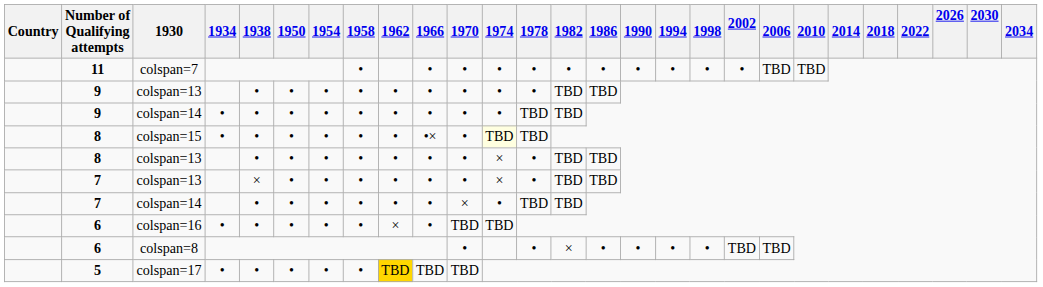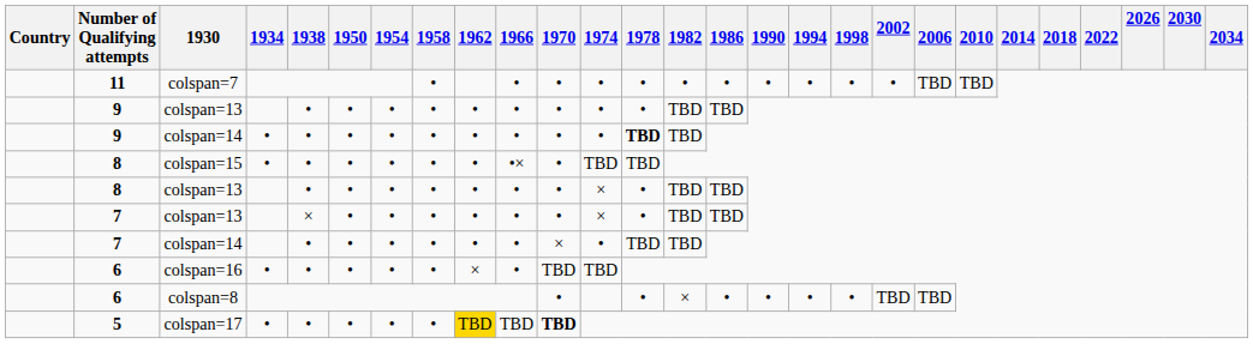 <table class="wikitable" style="text-align: center">
 <tr>
 <th>Country</th>
 <th>Number of <br> Qualifying<br>attempts</th>
 <th>1930<br> </th>
 <th><a href='#'>1934</a><br> </th>
 <th><a href='#'>1938</a><br> </th>
 <th><a href='#'>1950</a><br> </th>
 <th><a href='#'>1954</a><br> </th>
 <th><a href='#'>1958</a><br> </th>
 <th><a href='#'>1962</a><br> </th>
 <th><a href='#'>1966</a><br> </th>
 <th><a href='#'>1970</a><br> </th>
 <th><a href='#'>1974</a><br> </th>
 <th><a href='#'>1978</a><br> </th>
 <th><a href='#'>1982</a><br> </th>
 <th><a href='#'>1986</a><br> </th>
 <th><a href='#'>1990</a><br> </th>
 <th><a href='#'>1994</a><br> </th>
 <th><a href='#'>1998</a><br> </th>
 <th><a href='#'>2002</a><br> <br> </th>
 <th><a href='#'>2006</a><br> </th>
 <th><a href='#'>2010</a><br> </th>
 <th><a href='#'>2014</a><br> </th>
 <th><a href='#'>2018</a><br> </th>
 <th><a href='#'>2022</a><br> </th>
 <th><a href='#'>2026</a><br> <br> <br> </th>
 <th><a href='#'>2030</a><br><br><br></th>
 <th><a href='#'>2034</a><br></th>
 </tr>
 <tr>
 <td style="text-align: left;"></td>
 <td><strong>11</strong></td>
 <td>colspan=7 </td>
 <td colspan=4></td>
 <td>•</td>
 <td></td>
 <td>•</td>
 <td>•</td>
 <td>•</td>
 <td>•</td>
 <td>•</td>
 <td>•</td>
 <td>•</td>
 <td>•</td>
 <td>•</td>
 <td>•</td>
 <td>TBD</td>
 <td>TBD</td>
 </tr>
 <tr>
 <td style="text-align: left;"></td>
 <td><strong>9</strong></td>
 <td>colspan=13 </td>
 <td></td>
 <td>•</td>
 <td>•</td>
 <td>•</td>
 <td>•</td>
 <td>•</td>
 <td>•</td>
 <td>•</td>
 <td>•</td>
 <td>•</td>
 <td>TBD</td>
 <td>TBD</td>
 </tr>
 <tr>
 <td style="text-align: left;"></td>
 <td><strong>9</strong></td>
 <td>colspan=14 </td>
 <td>•</td>
 <td>•</td>
 <td>•</td>
 <td>•</td>
 <td>•</td>
 <td>•</td>
 <td>•</td>
 <td>•</td>
 <td>•</td>
-<td>TBD</td>
+<td><strong>TBD</strong></td>
 <td>TBD</td>
 </tr>
 <tr>
 <td style="text-align: left;"></td>
 <td><strong>8</strong></td>
 <td>colspan=15 </td>
 <td>•</td>
 <td>•</td>
 <td>•</td>
 <td>•</td>
 <td>•</td>
 <td>•</td>
 <td>•×</td>
 <td>•</td>
-<td style="background: lightyellow;">TBD</td>
+<td>TBD</td>
 <td>TBD</td>
 </tr>
 <tr>
 <td style="text-align: left;"></td>
 <td><strong>8</strong></td>
 <td>colspan=13 </td>
 <td></td>
 <td>•</td>
 <td>•</td>
 <td>•</td>
 <td>•</td>
 <td>•</td>
 <td>•</td>
 <td>•</td>
 <td>×</td>
 <td>•</td>
 <td>TBD</td>
 <td>TBD</td>
 </tr>
 <tr>
 <td style="text-align: left;"></td>
 <td><strong>7</strong></td>
 <td>colspan=13 </td>
 <td></td>
 <td>×</td>
 <td>•</td>
 <td>•</td>
 <td>•</td>
 <td>•</td>
 <td>•</td>
 <td>•</td>
 <td>×</td>
 <td>•</td>
 <td>TBD</td>
 <td>TBD</td>
 </tr>
 <tr>
 <td style="text-align: left;"></td>
 <td><strong>7</strong></td>
 <td>colspan=14 </td>
 <td></td>
 <td>•</td>
 <td>•</td>
 <td>•</td>
 <td>•</td>
 <td>•</td>
 <td>•</td>
 <td>×</td>
 <td>•</td>
 <td>TBD</td>
 <td>TBD</td>
 </tr>
 <tr>
 <td style="text-align: left;"></td>
 <td><strong>6</strong></td>
 <td>colspan=16 </td>
 <td>•</td>
 <td>•</td>
 <td>•</td>
 <td>•</td>
 <td>•</td>
 <td>×</td>
 <td>•</td>
 <td>TBD</td>
 <td>TBD</td>
 </tr>
 <tr>
 <td style="text-align: left;"></td>
 <td><strong>6</strong></td>
 <td>colspan=8 </td>
 <td colspan=7></td>
 <td>•</td>
 <td></td>
 <td>•</td>
 <td>×</td>
 <td>•</td>
 <td>•</td>
 <td>•</td>
 <td>•</td>
 <td>TBD</td>
 <td>TBD</td>
 </tr>
 <tr>
 <td style="text-align: left;"></td>
 <td><strong>5</strong></td>
 <td>colspan=17 </td>
 <td>•</td>
 <td>•</td>
 <td>•</td>
 <td>•</td>
 <td>•</td>
 <td style="background: gold;">TBD</td>
 <td>TBD</td>
-<td>TBD</td>
+<td><strong>TBD</strong></td>
 </tr>
 </table>
